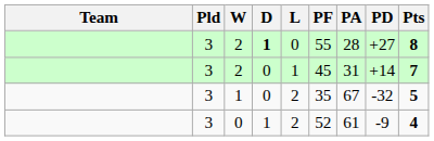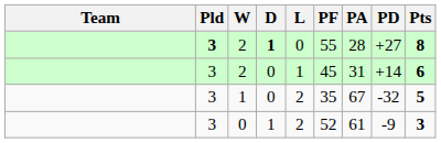 <table class="wikitable" style="text-align:center;">
 <tr>
 <th width=175>Team</th>
 <th width=20 abbr="Played">Pld</th>
 <th width=20 abbr="Won">W</th>
 <th width=20 abbr="Drawn">D</th>
 <th width=20 abbr="Lost">L</th>
 <th width=20 abbr="Points for">PF</th>
 <th width=20 abbr="Points against">PA</th>
 <th width=25 abbr="Points difference">PD</th>
 <th width=20 abbr="Points">Pts</th>
 </tr>
 <tr bgcolor=ccffcc>
 <td align=left></td>
-<td>3</td>
+<td><strong>3</strong></td>
 <td>2</td>
 <td><strong>1</strong></td>
 <td>0</td>
 <td>55</td>
 <td>28</td>
 <td>+27</td>
 <td><strong>8</strong></td>
 </tr>
 <tr bgcolor=ccffcc>
 <td align=left></td>
 <td>3</td>
 <td>2</td>
 <td>0</td>
 <td>1</td>
 <td>45</td>
 <td>31</td>
 <td>+14</td>
-<td><strong>7</strong></td>
+<td><strong>6</strong></td>
 </tr>
 <tr>
 <td align=left></td>
 <td>3</td>
 <td>1</td>
 <td>0</td>
 <td>2</td>
 <td>35</td>
 <td>67</td>
 <td>-32</td>
 <td><strong>5</strong></td>
 </tr>
 <tr>
 <td align=left></td>
 <td>3</td>
 <td>0</td>
 <td>1</td>
 <td>2</td>
 <td>52</td>
 <td>61</td>
 <td>-9</td>
-<td><strong>4</strong></td>
+<td><strong>3</strong></td>
 </tr>
 </table>
